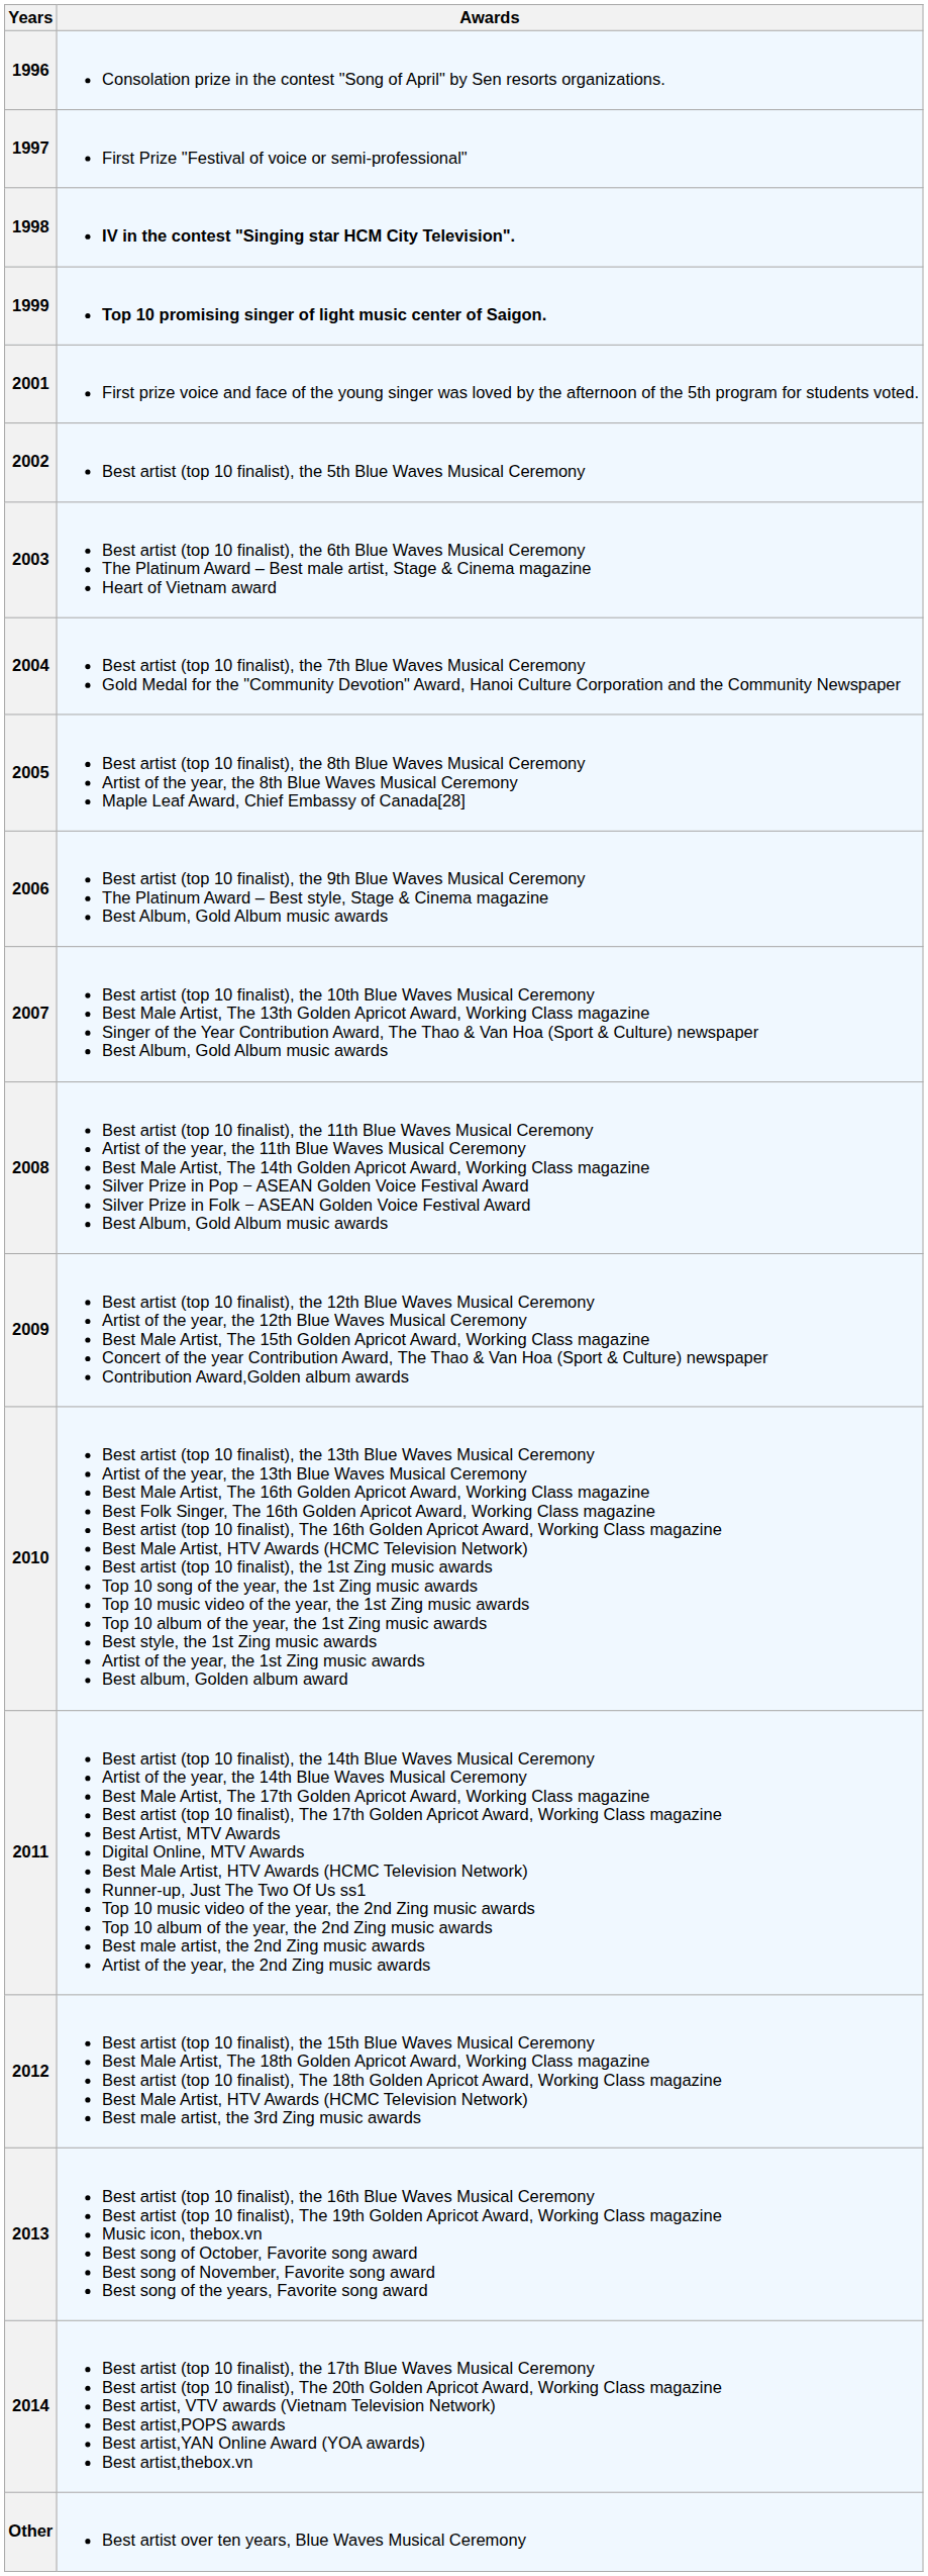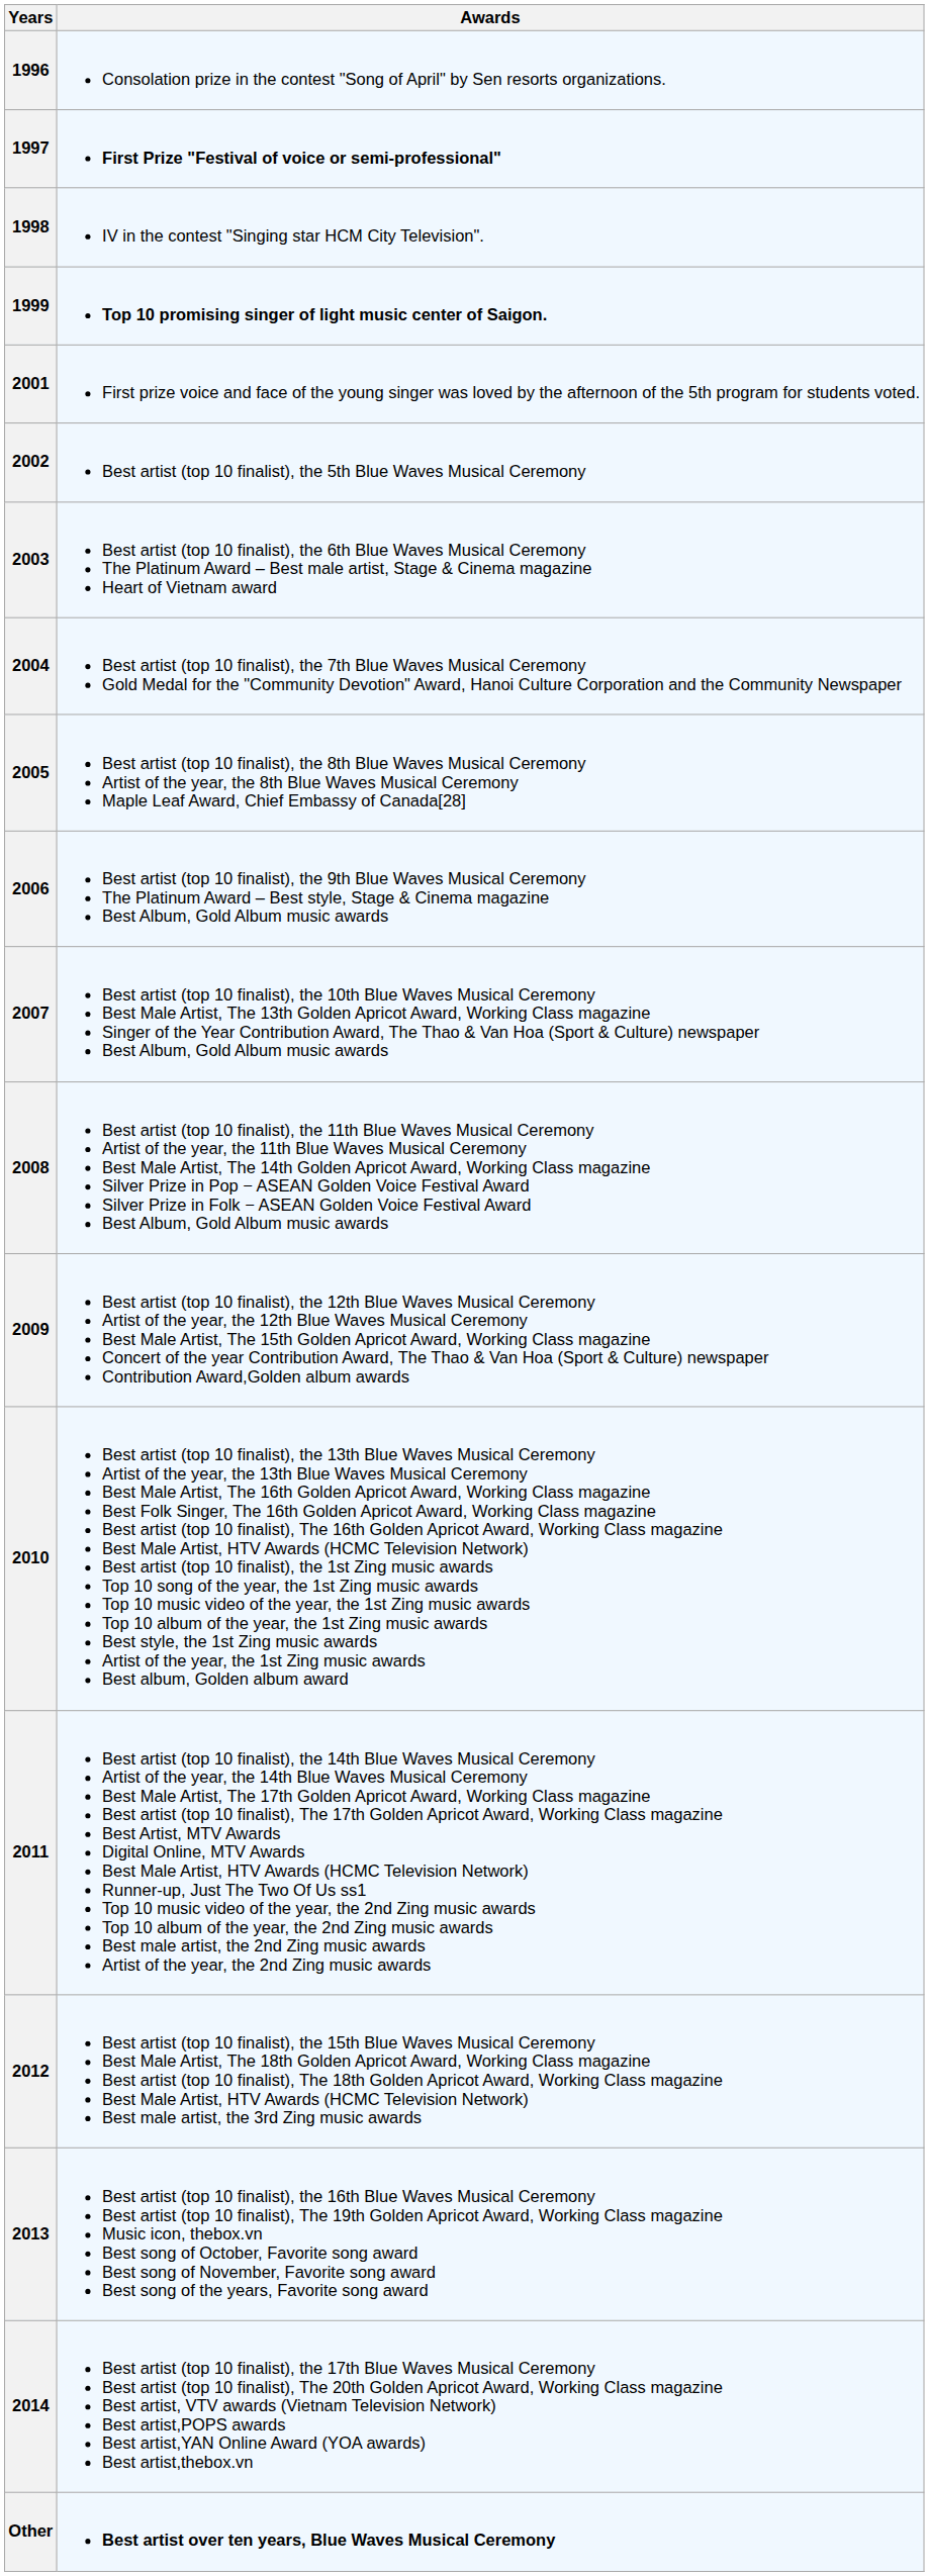 <table class="wikitable">
 <tr>
 <th align="left">Years</th>
 <th align="left">Awards</th>
 </tr>
 <tr style="background:#f0f8ff;">
 <th style="text-align:center;">1996</th>
 <td align="left"><br><ul><li>Consolation prize in the contest "Song of April" by Sen resorts organizations.</li></ul></td>
 </tr>
 <tr style="background:#f0f8ff;">
 <th style="text-align:center;">1997</th>
-<td align="left"><br><ul><li>First Prize "Festival of voice or semi-professional"</li></ul></td>
+<td align="left"><strong><br><ul><li>First Prize "Festival of voice or semi-professional"</li></ul></strong></td>
 </tr>
 <tr style="background:#f0f8ff;">
 <th style="text-align:center;">1998</th>
-<td align="left"><strong><br><ul><li>IV in the contest "Singing star HCM City Television".</li></ul></strong></td>
+<td align="left"><br><ul><li>IV in the contest "Singing star HCM City Television".</li></ul></td>
 </tr>
 <tr style="background:#f0f8ff;">
 <th style="text-align:center;">1999</th>
 <td align="left"><strong><br><ul><li>Top 10 promising singer of light music center of Saigon.</li></ul></strong></td>
 </tr>
 <tr style="background:#f0f8ff;">
 <th style="text-align:center;">2001</th>
 <td align="left"><br><ul><li>First prize voice and face of the young singer was loved by the afternoon of the 5th program for students voted.</li></ul></td>
 </tr>
 <tr style="background:#f0f8ff;">
 <th style="text-align:center;">2002</th>
 <td align="left"><br><ul><li>Best artist (top 10 finalist), the 5th Blue Waves Musical Ceremony</li></ul></td>
 </tr>
 <tr style="background:#f0f8ff;">
 <th style="text-align:center;">2003</th>
 <td align="left"><br><ul><li>Best artist (top 10 finalist), the 6th Blue Waves Musical Ceremony</li><li>The Platinum Award – Best male artist, Stage & Cinema magazine</li><li>Heart of Vietnam award</li></ul></td>
 </tr>
 <tr style="background:#f0f8ff;">
 <th style="text-align:center;">2004</th>
 <td align="left"><br><ul><li>Best artist (top 10 finalist), the 7th Blue Waves Musical Ceremony</li><li>Gold Medal for the "Community Devotion" Award, Hanoi Culture Corporation and the Community Newspaper</li></ul></td>
 </tr>
 <tr style="background:#f0f8ff;">
 <th style="text-align:center;">2005</th>
 <td align="left"><br><ul><li>Best artist (top 10 finalist), the 8th Blue Waves Musical Ceremony</li><li>Artist of the year, the 8th Blue Waves Musical Ceremony</li><li>Maple Leaf Award, Chief Embassy of Canada[28]</li></ul></td>
 </tr>
 <tr style="background:#f0f8ff;">
 <th style="text-align:center;">2006</th>
 <td align="left"><br><ul><li>Best artist (top 10 finalist), the 9th Blue Waves Musical Ceremony</li><li>The Platinum Award – Best style, Stage & Cinema magazine</li><li>Best Album, Gold Album music awards</li></ul></td>
 </tr>
 <tr style="background:#f0f8ff;">
 <th style="text-align:center;">2007</th>
 <td align="left"><br><ul><li>Best artist (top 10 finalist), the 10th Blue Waves Musical Ceremony</li><li>Best Male Artist, The 13th Golden Apricot Award, Working Class magazine</li><li>Singer of the Year Contribution Award, The Thao & Van Hoa (Sport & Culture) newspaper</li><li>Best Album, Gold Album music awards</li></ul></td>
 </tr>
 <tr style="background:#f0f8ff;">
 <th style="text-align:center;">2008</th>
 <td align="left"><br><ul><li>Best artist (top 10 finalist), the 11th Blue Waves Musical Ceremony</li><li>Artist of the year, the 11th Blue Waves Musical Ceremony</li><li>Best Male Artist, The 14th Golden Apricot Award, Working Class magazine</li><li>Silver Prize in Pop − ASEAN Golden Voice Festival Award</li><li>Silver Prize in Folk − ASEAN Golden Voice Festival Award</li><li>Best Album, Gold Album music awards</li></ul></td>
 </tr>
 <tr style="background:#f0f8ff;">
 <th style="text-align:center;">2009</th>
 <td align="left"><br><ul><li>Best artist (top 10 finalist), the 12th Blue Waves Musical Ceremony</li><li>Artist of the year, the 12th Blue Waves Musical Ceremony</li><li>Best Male Artist, The 15th Golden Apricot Award, Working Class magazine</li><li>Concert of the year Contribution Award, The Thao & Van Hoa (Sport & Culture) newspaper</li><li>Contribution Award,Golden album awards</li></ul></td>
 </tr>
 <tr style="background:#f0f8ff;">
 <th style="text-align:center;">2010</th>
 <td align="left"><br><ul><li>Best artist (top 10 finalist), the 13th Blue Waves Musical Ceremony</li><li>Artist of the year, the 13th Blue Waves Musical Ceremony</li><li>Best Male Artist, The 16th Golden Apricot Award, Working Class magazine</li><li>Best Folk Singer, The 16th Golden Apricot Award, Working Class magazine</li><li>Best artist (top 10 finalist), The 16th Golden Apricot Award, Working Class magazine</li><li>Best Male Artist, HTV Awards (HCMC Television Network)</li><li>Best artist (top 10 finalist), the 1st Zing music awards</li><li>Top 10 song of the year, the 1st Zing music awards</li><li>Top 10 music video of the year, the 1st Zing music awards</li><li>Top 10 album of the year, the 1st Zing music awards</li><li>Best style, the 1st Zing music awards</li><li>Artist of the year, the 1st Zing music awards</li><li>Best album, Golden album award</li></ul></td>
 </tr>
 <tr style="background:#f0f8ff;">
 <th style="text-align:center;">2011</th>
 <td align="left"><br><ul><li>Best artist (top 10 finalist), the 14th Blue Waves Musical Ceremony</li><li>Artist of the year, the 14th Blue Waves Musical Ceremony</li><li>Best Male Artist, The 17th Golden Apricot Award, Working Class magazine</li><li>Best artist (top 10 finalist), The 17th Golden Apricot Award, Working Class magazine</li><li>Best Artist, MTV Awards</li><li>Digital Online, MTV Awards</li><li>Best Male Artist, HTV Awards (HCMC Television Network)</li><li>Runner-up, Just The Two Of Us ss1</li><li>Top 10 music video of the year, the 2nd Zing music awards</li><li>Top 10 album of the year, the 2nd Zing music awards</li><li>Best male artist, the 2nd Zing music awards</li><li>Artist of the year, the 2nd Zing music awards</li></ul></td>
 </tr>
 <tr style="background:#f0f8ff;">
 <th style="text-align:center;">2012</th>
 <td align="left"><br><ul><li>Best artist (top 10 finalist), the 15th Blue Waves Musical Ceremony</li><li>Best Male Artist, The 18th Golden Apricot Award, Working Class magazine</li><li>Best artist (top 10 finalist), The 18th Golden Apricot Award, Working Class magazine</li><li>Best Male Artist, HTV Awards (HCMC Television Network)</li><li>Best male artist, the 3rd Zing music awards</li></ul></td>
 </tr>
 <tr style="background:#f0f8ff;">
 <th style="text-align:center;">2013</th>
 <td align="left"><br><ul><li>Best artist (top 10 finalist), the 16th Blue Waves Musical Ceremony</li><li>Best artist (top 10 finalist), The 19th Golden Apricot Award, Working Class magazine</li><li>Music icon, thebox.vn</li><li>Best song of October, Favorite song award</li><li>Best song of November, Favorite song award</li><li>Best song of the years, Favorite song award</li></ul></td>
 </tr>
 <tr style="background:#f0f8ff;">
 <th style="text-align:center;">2014</th>
 <td align="left"><br><ul><li>Best artist (top 10 finalist), the 17th Blue Waves Musical Ceremony</li><li>Best artist (top 10 finalist), The 20th Golden Apricot Award, Working Class magazine</li><li>Best artist, VTV awards (Vietnam Television Network)</li><li>Best artist,POPS awards</li><li>Best artist,YAN Online Award (YOA awards)</li><li>Best artist,thebox.vn</li></ul></td>
 </tr>
 <tr style="background:#f0f8ff;">
 <th style="text-align:center;">Other</th>
-<td align="left"><br><ul><li>Best artist over ten years, Blue Waves Musical Ceremony</li></ul></td>
+<td align="left"><strong><br><ul><li>Best artist over ten years, Blue Waves Musical Ceremony</li></ul></strong></td>
 </tr>
 </table>
